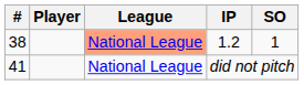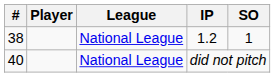 <table class="wikitable sortable">
 <tr>
 <th>#</th>
 <th>Player</th>
 <th>League</th>
 <th>IP</th>
 <th>SO</th>
 </tr>
 <tr align="center">
 <td>38</td>
 <td></td>
-<td style="background: lightsalmon;"><a href='#'>National League</a></td>
+<td><a href='#'>National League</a></td>
 <td>1.2</td>
 <td>1</td>
 </tr>
 <tr align=center>
-<td>41</td>
+<td>40</td>
 <td></td>
 <td><a href='#'>National League</a></td>
 <td colspan=2><em>did not pitch</em></td>
 </tr>
 </table>
